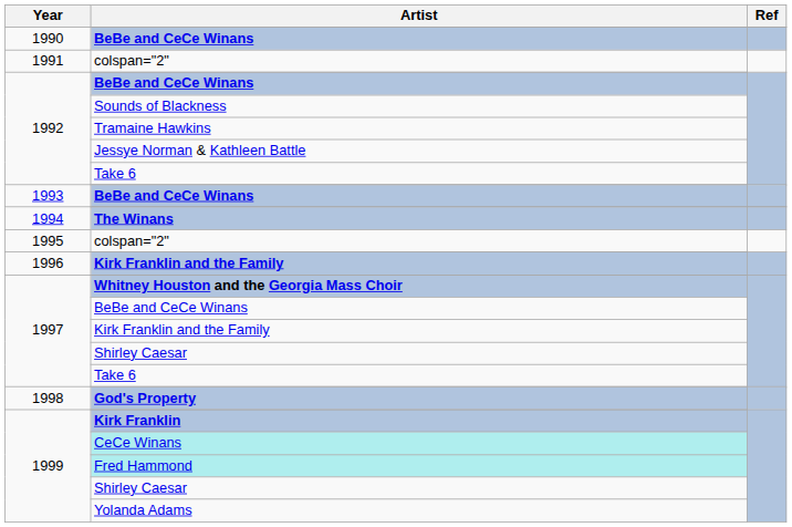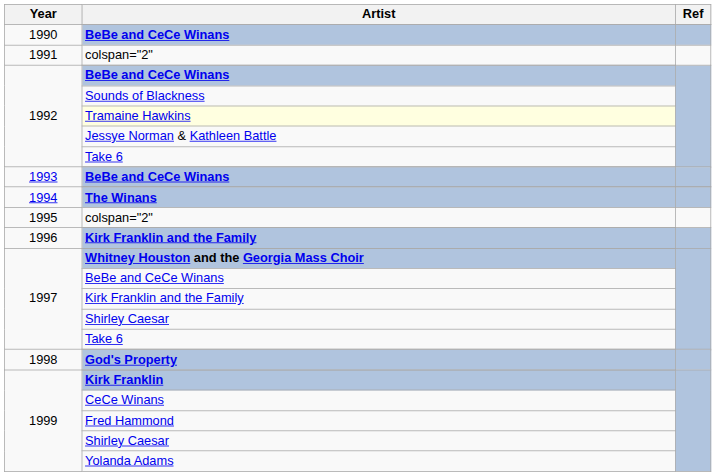 <table class="wikitable" style="width:100%;">
 <tr style="background:#bebebe;">
 <th style="width:11%;">Year</th>
 <th style="width:84%;">Artist</th>
 <th style="width:5%;">Ref</th>
 </tr>
 <tr>
 <td rowspan="2" align="center">1990</td>
 </tr>
 <tr style="background:#B0C4DE">
 <td><strong><a href='#'>BeBe and CeCe Winans</a></strong></td>
 <td align="center"></td>
 </tr>
 <tr>
 <td align="center">1991</td>
 <td>colspan="2" </td>
 </tr>
 <tr>
 <td rowspan="6" align="center">1992</td>
 </tr>
 <tr style="background:#B0C4DE">
 <td><strong><a href='#'>BeBe and CeCe Winans</a></strong></td>
 <td rowspan="6" align="center"></td>
 </tr>
 <tr>
 <td><a href='#'>Sounds of Blackness</a></td>
 </tr>
 <tr>
-<td><a href='#'>Tramaine Hawkins</a></td>
+<td style="background: lightyellow;"><a href='#'>Tramaine Hawkins</a></td>
 </tr>
 <tr>
 <td><a href='#'>Jessye Norman</a> & <a href='#'>Kathleen Battle</a></td>
 </tr>
 <tr>
 <td><a href='#'>Take 6</a></td>
 </tr>
 <tr>
 <td rowspan="2" align="center"><a href='#'>1993</a></td>
 </tr>
 <tr style="background:#B0C4DE">
 <td><strong><a href='#'>BeBe and CeCe Winans</a></strong></td>
 <td align="center"></td>
 </tr>
 <tr>
 <td rowspan="2" align="center"><a href='#'>1994</a></td>
 </tr>
 <tr style="background:#B0C4DE">
 <td><strong><a href='#'>The Winans</a></strong></td>
 <td align="center"></td>
 </tr>
 <tr>
 <td align="center">1995</td>
 <td>colspan="2" </td>
 </tr>
 <tr>
 <td rowspan="2" align="center">1996</td>
 </tr>
 <tr style="background:#B0C4DE">
 <td><strong><a href='#'>Kirk Franklin and the Family</a></strong></td>
 <td rowspan="2" align="center"></td>
 </tr>
 <tr>
 <td rowspan="6" align="center">1997</td>
 </tr>
 <tr style="background:#B0C4DE">
 <td><strong><a href='#'>Whitney Houston</a> and the <a href='#'>Georgia Mass Choir</a></strong></td>
 <td rowspan="6" align="center"></td>
 </tr>
 <tr>
 <td><a href='#'>BeBe and CeCe Winans</a></td>
 </tr>
 <tr>
 <td><a href='#'>Kirk Franklin and the Family</a></td>
 </tr>
 <tr>
 <td><a href='#'>Shirley Caesar</a></td>
 </tr>
 <tr>
 <td><a href='#'>Take 6</a></td>
 </tr>
 <tr>
 <td rowspan="2" align="center">1998</td>
 </tr>
 <tr style="background:#B0C4DE">
 <td><strong><a href='#'>God's Property</a></strong></td>
 <td rowspan="2" align="center"></td>
 </tr>
 <tr>
 <td rowspan="6" align="center">1999</td>
 </tr>
 <tr style="background:#B0C4DE">
 <td><strong><a href='#'>Kirk Franklin</a></strong></td>
 <td rowspan="6" align="center"></td>
 </tr>
 <tr>
-<td style="background: paleturquoise;"><a href='#'>CeCe Winans</a></td>
+<td><a href='#'>CeCe Winans</a></td>
 </tr>
 <tr>
-<td style="background: paleturquoise;"><a href='#'>Fred Hammond</a></td>
+<td><a href='#'>Fred Hammond</a></td>
 </tr>
 <tr>
 <td><a href='#'>Shirley Caesar</a></td>
 </tr>
 <tr>
 <td><a href='#'>Yolanda Adams</a></td>
 </tr>
 </table>
